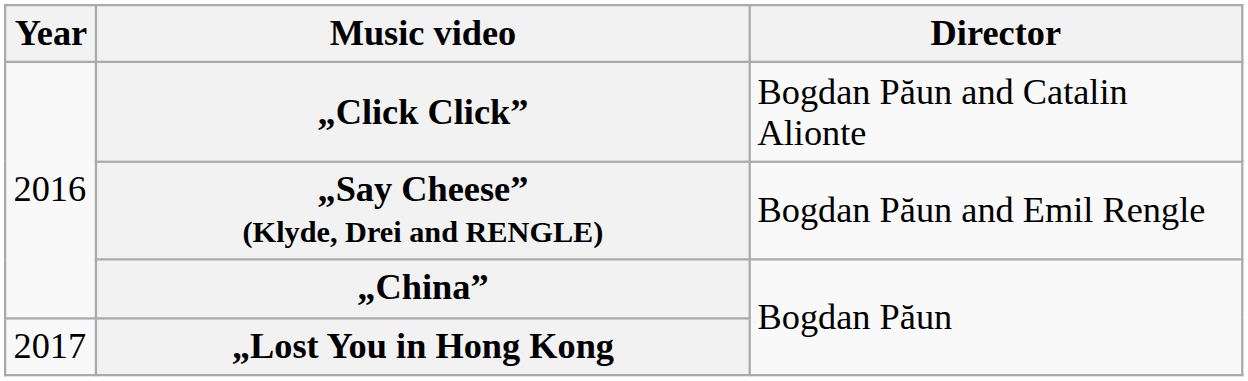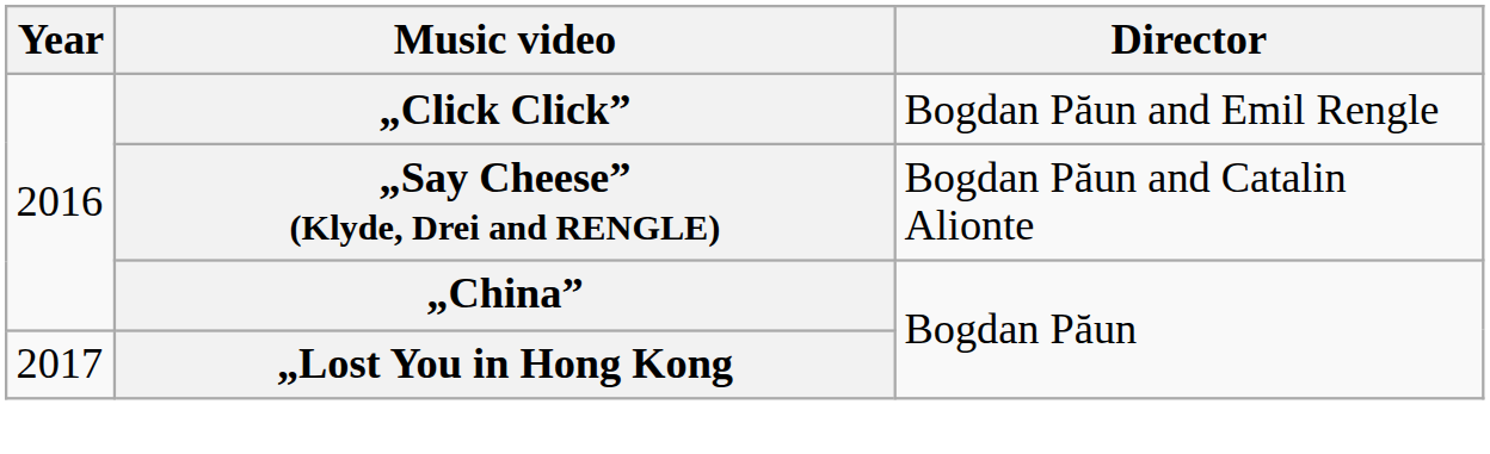 <table class="wikitable plainrowheaders">
 <tr>
 <th style="width:33px;">Year</th>
 <th style="width:280px;">Music video</th>
 <th style="width:210px;">Director</th>
 </tr>
 <tr>
 <td rowspan="3">2016</td>
 <th scope="row">„Click Click”</th>
-<td rowspan="1">Bogdan Păun and Catalin Alionte</td>
+<td rowspan="1">Bogdan Păun and Emil Rengle</td>
 </tr>
 <tr>
 <th scope="row">„Say Cheese”<br><small>(Klyde, Drei and RENGLE)</small></th>
-<td rowspan="1">Bogdan Păun and Emil Rengle</td>
+<td rowspan="1">Bogdan Păun and Catalin Alionte</td>
 </tr>
 <tr>
 <th scope="row">„China”</th>
 <td rowspan="2">Bogdan Păun</td>
 </tr>
 <tr>
 <td rowspan="2">2017</td>
 <th scope="row">„Lost You in Hong Kong</th>
 </tr>
 </table>
